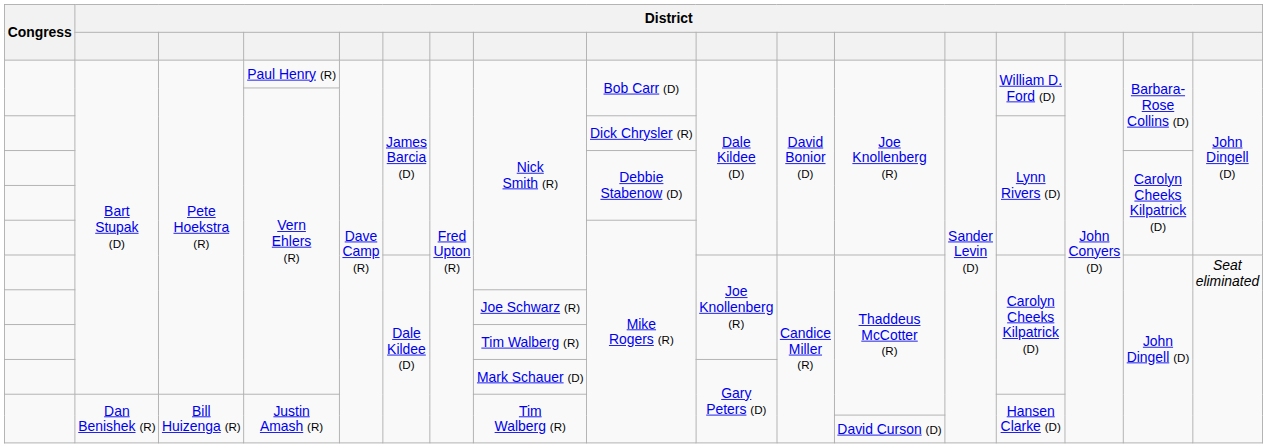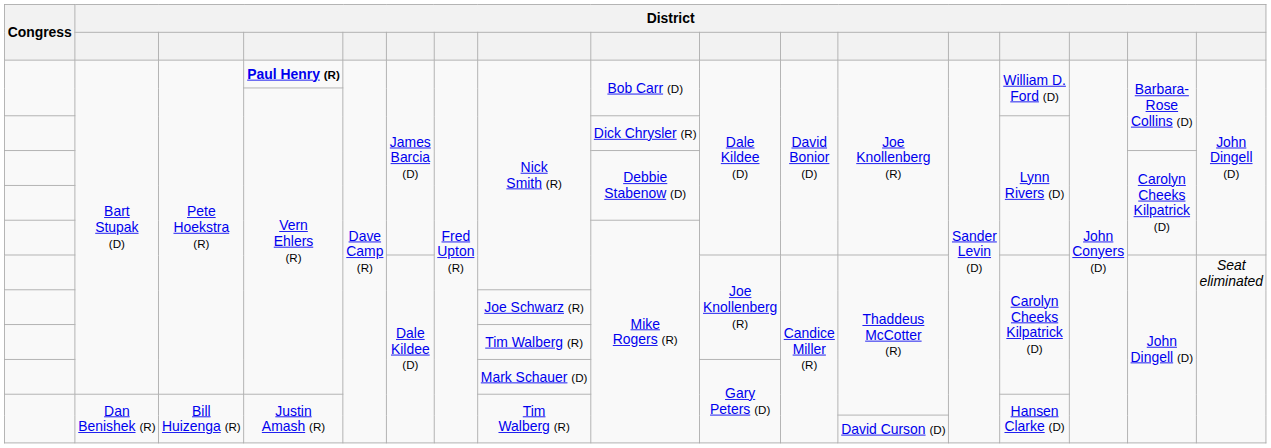 <table class=wikitable style="text-align:center">
 <tr style="height:2em">
 <th rowspan=2>Cong­ress</th>
 <th colspan=16>District</th>
 </tr>
 <tr style="height:2em" valign=bottom>
 <th></th>
 <th></th>
 <th></th>
 <th></th>
 <th></th>
 <th></th>
 <th></th>
 <th></th>
 <th></th>
 <th></th>
 <th></th>
 <th></th>
 <th></th>
 <th></th>
 <th></th>
 <th></th>
 </tr>
 <tr style="height:2em">
 <td rowspan=2><strong></strong> </td>
 <td rowspan=10 ><a href='#'>Bart<br>Stupak</a><br><small>(D)</small></td>
 <td rowspan=10 ><a href='#'>Pete<br>Hoekstra</a><br><small>(R)</small></td>
-<td><a href='#'>Paul Henry</a> <small>(R)</small></td>
+<td><strong><a href='#'>Paul Henry</a> <small>(R)</small></strong></td>
 <td rowspan="12" ><a href='#'>Dave<br>Camp</a><br><small>(R)</small></td>
 <td rowspan=6 ><a href='#'>James<br>Barcia</a><br><small>(D)</small></td>
 <td rowspan="12" ><a href='#'>Fred<br>Upton</a><br><small>(R)</small></td>
 <td rowspan=7 ><a href='#'>Nick<br>Smith</a> <small>(R)</small></td>
 <td rowspan=2 ><a href='#'>Bob Carr</a> <small>(D)</small></td>
 <td rowspan=6 ><a href='#'>Dale<br>Kildee</a><br><small>(D)</small></td>
 <td rowspan=6 ><a href='#'>David<br>Bonior</a><br><small>(D)</small></td>
 <td rowspan=6 ><a href='#'>Joe<br>Knollen­berg</a><br><small>(R)</small></td>
 <td rowspan=12 ><a href='#'>Sander<br>Levin</a><br><small>(D)</small></td>
 <td rowspan=2 ><a href='#'>William D.<br>Ford</a> <small>(D)</small></td>
 <td rowspan=12 ><a href='#'>John<br>Conyers</a><br><small>(D)</small></td>
 <td rowspan=3 ><a href='#'>Barbara-<br>Rose<br>Collins</a> <small>(D)</small></td>
 <td rowspan="6" ><a href='#'>John<br>Dingell</a><br><small>(D)</small></td>
 </tr>
 <tr style="height:2em">
 <td rowspan=9 ><a href='#'>Vern<br>Ehlers</a><br><small>(R)</small></td>
 </tr>
 <tr style="height:2.5em">
 <td><strong></strong> </td>
 <td><a href='#'>Dick Chrysler</a> <small>(R)</small></td>
 <td rowspan=4 ><a href='#'>Lynn<br>Rivers</a> <small>(D)</small></td>
 </tr>
 <tr style="height:2.5em">
 <td><strong></strong> </td>
 <td rowspan=2 ><a href='#'>Debbie<br>Stabenow</a> <small>(D)</small></td>
 <td rowspan=3 ><a href='#'>Carolyn<br>Cheeks<br>Kilpatrick</a><br><small>(D)</small></td>
 </tr>
 <tr style="height:2.5em">
 <td><strong></strong> </td>
 </tr>
 <tr style="height:2.5em">
 <td><strong></strong> </td>
 <td rowspan="7" ><a href='#'>Mike<br>Rogers</a> <small>(R)</small></td>
 </tr>
 <tr style="height:2.5em">
 <td><strong></strong> </td>
 <td rowspan=6 ><a href='#'>Dale<br>Kildee</a><br><small>(D)</small></td>
 <td rowspan=3 ><a href='#'>Joe<br>Knollen­berg</a><br><small>(R)</small></td>
 <td rowspan="6" ><a href='#'>Candice<br>Miller</a><br><small>(R)</small></td>
 <td rowspan=5 ><a href='#'>Thaddeus<br>McCotter</a><br><small>(R)</small></td>
 <td rowspan=4 ><a href='#'>Carolyn<br>Cheeks<br>Kilpatrick</a><br><small>(D)</small></td>
 <td rowspan=6 ><a href='#'>John<br>Dingell</a> <small>(D)</small></td>
 <td rowspan=14 valign=top><em>Seat<br>eliminated</em></td>
 </tr>
 <tr style="height:2.5em">
 <td><strong></strong> </td>
 <td><a href='#'>Joe Schwarz</a> <small>(R)</small></td>
 </tr>
 <tr style="height:2.5em">
 <td><strong></strong> </td>
 <td><a href='#'>Tim Walberg</a> <small>(R)</small></td>
 </tr>
 <tr style="height:2.5em">
 <td><strong></strong> </td>
 <td><a href='#'>Mark Schauer</a> <small>(D)</small></td>
 <td rowspan=3 ><a href='#'>Gary<br>Peters</a> <small>(D)</small></td>
 </tr>
 <tr style="height:1.5em">
 <td rowspan=2><strong></strong> </td>
 <td rowspan="2" ><a href='#'>Dan<br>Benishek</a> <small>(R)</small></td>
 <td rowspan="2" ><a href='#'>Bill<br>Huizenga</a> <small>(R)</small></td>
 <td rowspan="2" ><a href='#'>Justin<br>Amash</a> <small>(R)</small></td>
 <td rowspan="2" ><a href='#'>Tim<br>Walberg</a> <small>(R)</small></td>
 <td rowspan=2 ><a href='#'>Hansen<br>Clarke</a> <small>(D)</small></td>
 </tr>
 <tr style="height:2em">
 <td><a href='#'>David Curson</a> <small>(D)</small></td>
 </tr>
 </table>
